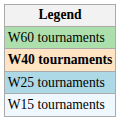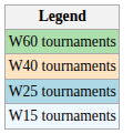 <table class=wikitable style="font-size:85%">
 <tr>
 <th>Legend</th>
 </tr>
 <tr style="background:#addfad;">
 <td>W60 tournaments</td>
 </tr>
 <tr style="background:#ffe4c4;">
-<td><strong>W40 tournaments</strong></td>
+<td>W40 tournaments</td>
 </tr>
 <tr style="background:lightblue;">
 <td>W25 tournaments</td>
 </tr>
 <tr style="background:#f0f8ff;">
 <td>W15 tournaments</td>
 </tr>
 </table>
